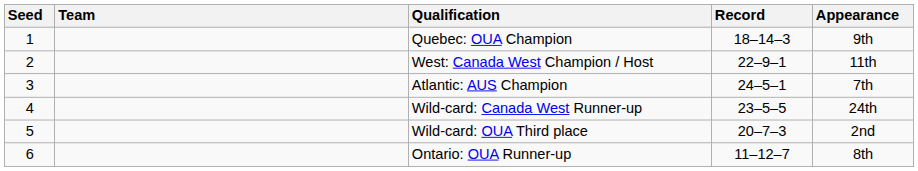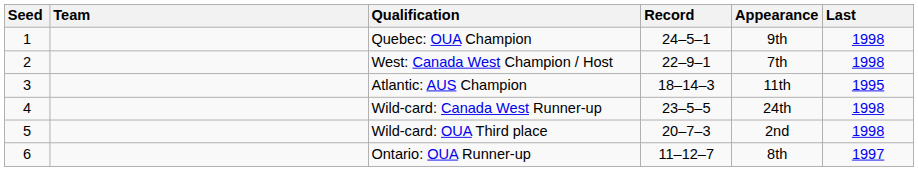 <table class="wikitable sortable" style="text-align: center;" width=1000>
 <tr style="background:#efefef; text-align:center">
 <th style="text-align:left" width=5%>Seed</th>
 <th style="text-align:left" width=35%>Team</th>
 <th style="text-align:left" width=30%>Qualification</th>
 <th style="text-align:left" width=10%>Record</th>
 <th style="text-align:left" width=10%>Appearance</th>
+<th style="text-align:left" width=10%>Last</th>
 </tr>
 <tr style="text-align:center">
 <td style="text-align:center">1</td>
 <td style="text-align:left; "><a href='#'></a></td>
 <td style="text-align:left">Quebec: <a href='#'>OUA</a> Champion</td>
-<td style="text-align:center">18–14–3</td>
+<td style="text-align:center">24–5–1</td>
 <td style="text-align:center">9th</td>
+<td style="text-align:center"><a href='#'>1998</a></td>
 </tr>
 <tr style="text-align:center">
 <td style="text-align:center">2</td>
 <td style="text-align:left; "><a href='#'></a></td>
 <td style="text-align:left">West: <a href='#'>Canada West</a> Champion / Host</td>
 <td style="text-align:center">22–9–1</td>
-<td style="text-align:center">11th</td>
+<td style="text-align:center">7th</td>
+<td style="text-align:center"><a href='#'>1998</a></td>
 </tr>
 <tr style="text-align:center">
 <td style="text-align:center">3</td>
 <td style="text-align:left; "><a href='#'></a></td>
 <td style="text-align:left">Atlantic: <a href='#'>AUS</a> Champion</td>
-<td style="text-align:center">24–5–1</td>
-<td style="text-align:center">7th</td>
+<td style="text-align:center">18–14–3</td>
+<td style="text-align:center">11th</td>
+<td style="text-align:center"><a href='#'>1995</a></td>
 </tr>
 <tr style="text-align:center">
 <td style="text-align:center">4</td>
 <td style="text-align:left; "><a href='#'></a></td>
 <td style="text-align:left">Wild-card: <a href='#'>Canada West</a> Runner-up</td>
 <td style="text-align:center">23–5–5</td>
 <td style="text-align:center">24th</td>
+<td style="text-align:center"><a href='#'>1998</a></td>
 </tr>
 <tr style="text-align:center">
 <td style="text-align:center">5</td>
 <td style="text-align:left; "><a href='#'></a></td>
 <td style="text-align:left">Wild-card: <a href='#'>OUA</a> Third place</td>
 <td style="text-align:center">20–7–3</td>
 <td style="text-align:center">2nd</td>
+<td style="text-align:center"><a href='#'>1998</a></td>
 </tr>
 <tr style="text-align:center">
 <td style="text-align:center">6</td>
 <td style="text-align:left; "><a href='#'></a></td>
 <td style="text-align:left">Ontario: <a href='#'>OUA</a> Runner-up</td>
 <td style="text-align:center">11–12–7</td>
 <td style="text-align:center">8th</td>
+<td style="text-align:center"><a href='#'>1997</a></td>
 </tr>
 </table>
